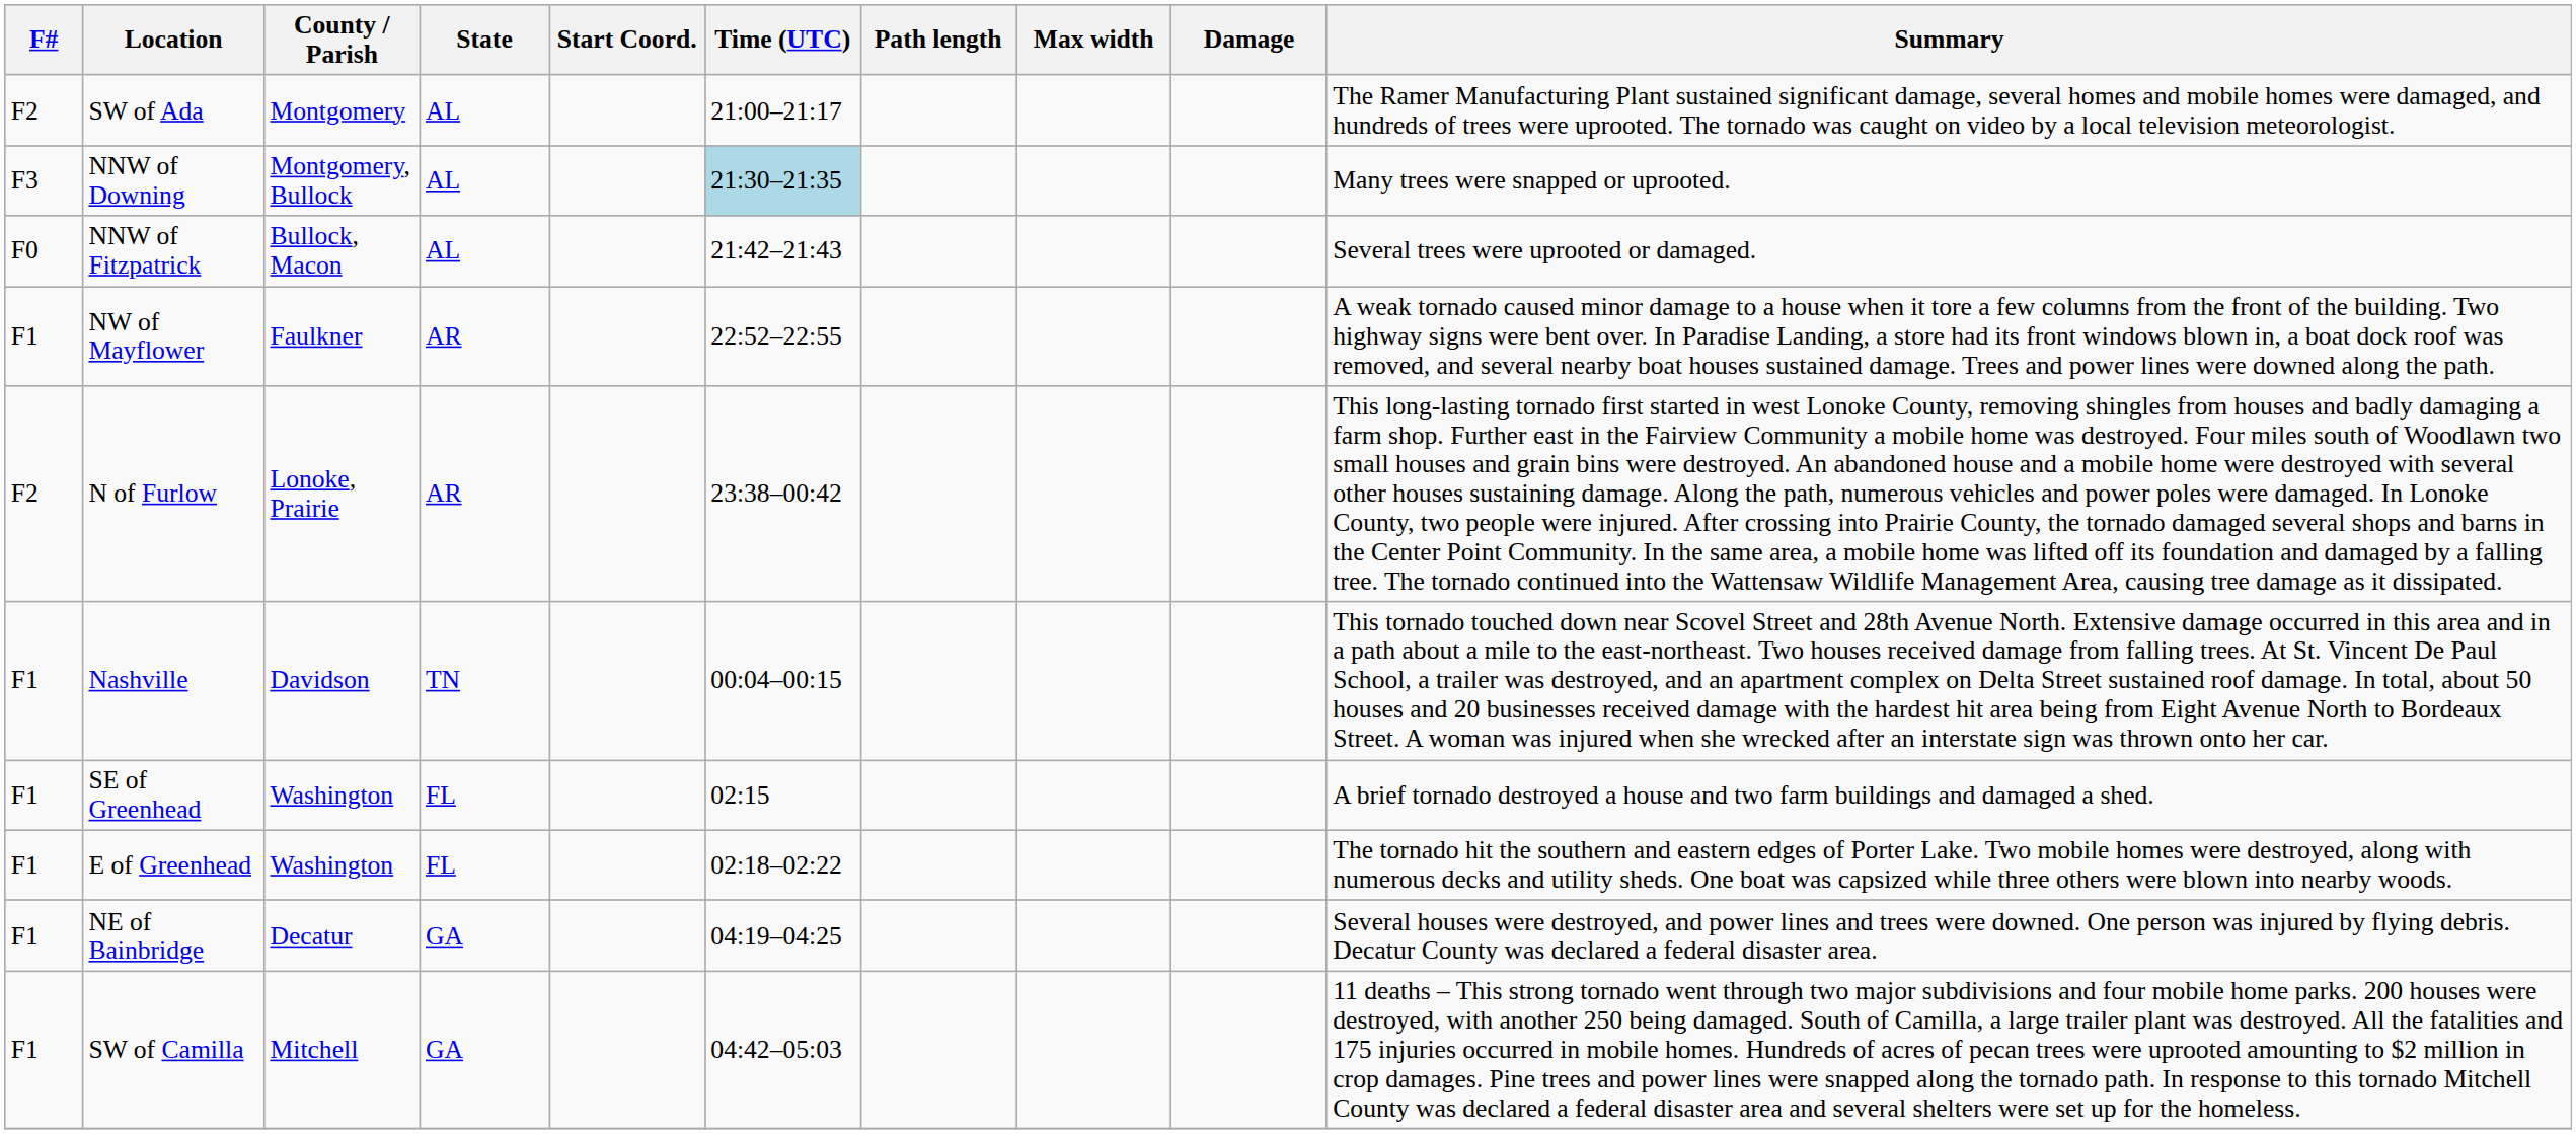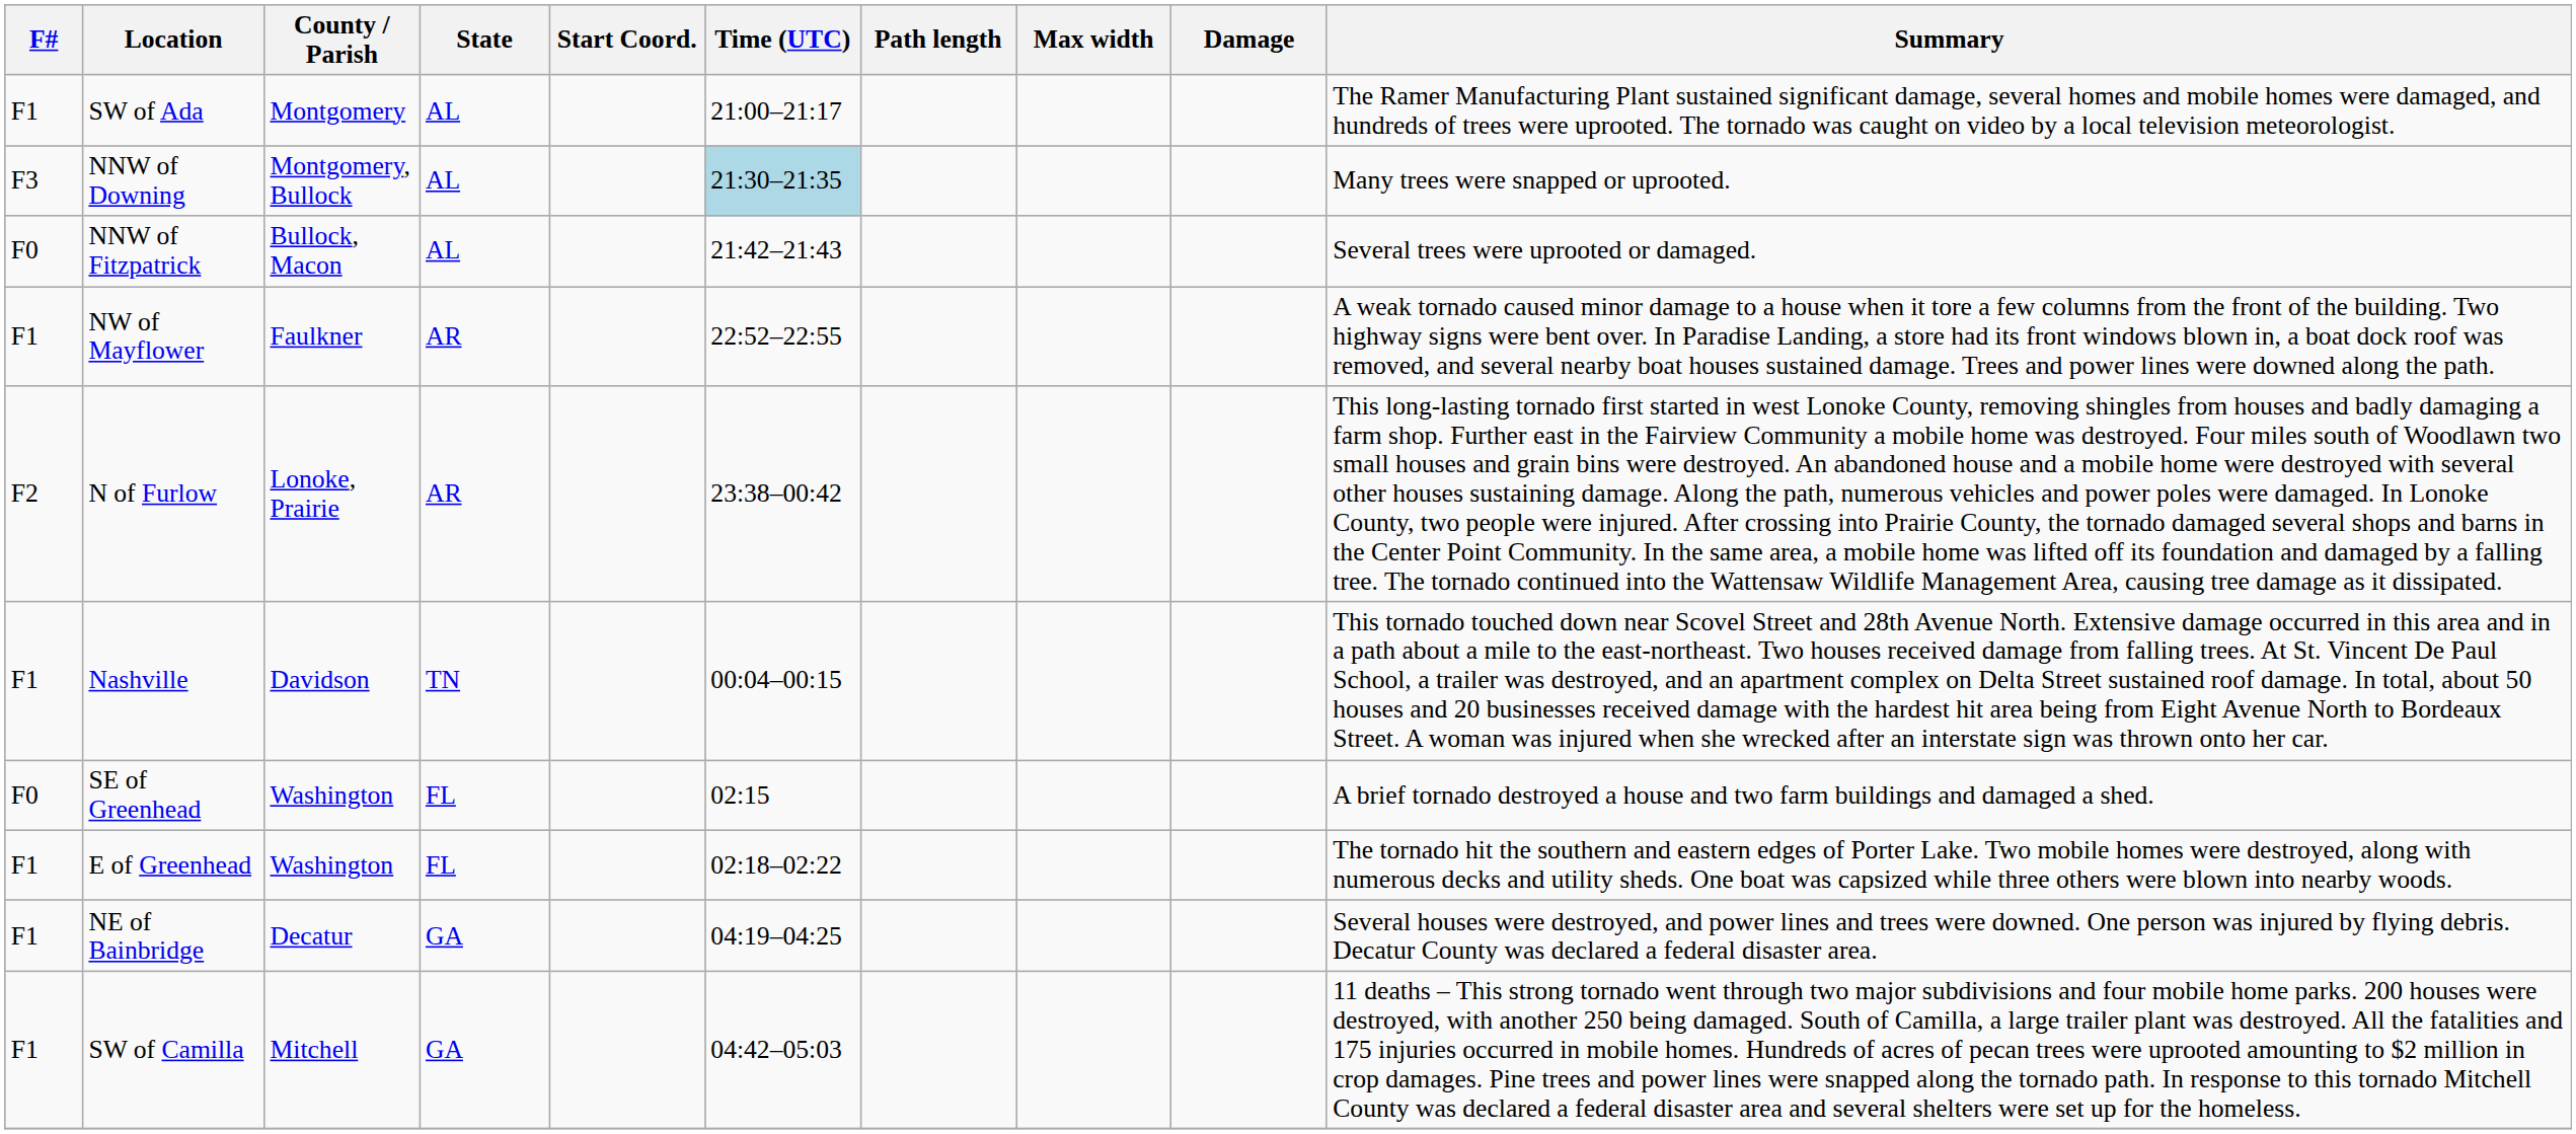 <table class="wikitable sortable" style="width:100%;">
 <tr>
 <th scope="col"  style="width:3%; text-align:center;"><a href='#'>F#</a></th>
 <th scope="col"  style="width:7%; text-align:center;" class="unsortable">Location</th>
 <th scope="col"  style="width:6%; text-align:center;" class="unsortable">County / Parish</th>
 <th scope="col"  style="width:5%; text-align:center;">State</th>
 <th scope="col"  style="width:6%; text-align:center;">Start Coord.</th>
 <th scope="col"  style="width:6%; text-align:center;">Time (<a href='#'>UTC</a>)</th>
 <th scope="col"  style="width:6%; text-align:center;">Path length</th>
 <th scope="col"  style="width:6%; text-align:center;">Max width</th>
 <th scope="col"  style="width:6%; text-align:center;">Damage</th>
 <th scope="col" class="unsortable" style="width:48%; text-align:center;">Summary</th>
 </tr>
 <tr>
-<td>F2</td>
+<td>F1</td>
 <td>SW of <a href='#'>Ada</a></td>
 <td><a href='#'>Montgomery</a></td>
 <td><a href='#'>AL</a></td>
 <td></td>
 <td>21:00–21:17</td>
 <td></td>
 <td></td>
 <td></td>
 <td>The Ramer Manufacturing Plant sustained significant damage, several homes and mobile homes were damaged, and hundreds of trees were uprooted. The tornado was caught on video by a local television meteorologist.</td>
 </tr>
 <tr>
 <td>F3</td>
 <td>NNW of <a href='#'>Downing</a></td>
 <td><a href='#'>Montgomery</a>, <a href='#'>Bullock</a></td>
 <td><a href='#'>AL</a></td>
 <td></td>
 <td style="background: lightblue;">21:30–21:35</td>
 <td></td>
 <td></td>
 <td></td>
 <td>Many trees were snapped or uprooted.</td>
 </tr>
 <tr>
 <td>F0</td>
 <td>NNW of <a href='#'>Fitzpatrick</a></td>
 <td><a href='#'>Bullock</a>, <a href='#'>Macon</a></td>
 <td><a href='#'>AL</a></td>
 <td></td>
 <td>21:42–21:43</td>
 <td></td>
 <td></td>
 <td></td>
 <td>Several trees were uprooted or damaged.</td>
 </tr>
 <tr>
 <td>F1</td>
 <td>NW of <a href='#'>Mayflower</a></td>
 <td><a href='#'>Faulkner</a></td>
 <td><a href='#'>AR</a></td>
 <td></td>
 <td>22:52–22:55</td>
 <td></td>
 <td></td>
 <td></td>
 <td>A weak tornado caused minor damage to a house when it tore a few columns from the front of the building. Two highway signs were bent over. In Paradise Landing, a store had its front windows blown in, a boat dock roof was removed, and several nearby boat houses sustained damage. Trees and power lines were downed along the path.</td>
 </tr>
 <tr>
 <td>F2</td>
 <td>N of <a href='#'>Furlow</a></td>
 <td><a href='#'>Lonoke</a>, <a href='#'>Prairie</a></td>
 <td><a href='#'>AR</a></td>
 <td></td>
 <td>23:38–00:42</td>
 <td></td>
 <td></td>
 <td></td>
 <td>This long-lasting tornado first started in west Lonoke County, removing shingles from houses and badly damaging a farm shop. Further east in the Fairview Community a mobile home was destroyed. Four miles south of Woodlawn two small houses and grain bins were destroyed. An abandoned house and a mobile home were destroyed with several other houses sustaining damage. Along the path, numerous vehicles and power poles were damaged. In Lonoke County, two people were injured. After crossing into Prairie County, the tornado damaged several shops and barns in the Center Point Community. In the same area, a mobile home was lifted off its foundation and damaged by a falling tree. The tornado continued into the Wattensaw Wildlife Management Area, causing tree damage as it dissipated.</td>
 </tr>
 <tr>
 <td>F1</td>
 <td><a href='#'>Nashville</a></td>
 <td><a href='#'>Davidson</a></td>
 <td><a href='#'>TN</a></td>
 <td></td>
 <td>00:04–00:15</td>
 <td></td>
 <td></td>
 <td></td>
 <td>This tornado touched down near Scovel Street and 28th Avenue North. Extensive damage occurred in this area and in a path about a mile to the east-northeast. Two houses received damage from falling trees. At St. Vincent De Paul School, a trailer was destroyed, and an apartment complex on Delta Street sustained roof damage. In total, about 50 houses and 20 businesses received damage with the hardest hit area being from Eight Avenue North to Bordeaux Street. A woman was injured when she wrecked after an interstate sign was thrown onto her car.</td>
 </tr>
 <tr>
-<td>F1</td>
+<td>F0</td>
 <td>SE of <a href='#'>Greenhead</a></td>
 <td><a href='#'>Washington</a></td>
 <td><a href='#'>FL</a></td>
 <td></td>
 <td>02:15</td>
 <td></td>
 <td></td>
 <td></td>
 <td>A brief tornado destroyed a house and two farm buildings and damaged a shed.</td>
 </tr>
 <tr>
 <td>F1</td>
 <td>E of <a href='#'>Greenhead</a></td>
 <td><a href='#'>Washington</a></td>
 <td><a href='#'>FL</a></td>
 <td></td>
 <td>02:18–02:22</td>
 <td></td>
 <td></td>
 <td></td>
 <td>The tornado hit the southern and eastern edges of Porter Lake. Two mobile homes were destroyed, along with numerous decks and utility sheds. One boat was capsized while three others were blown into nearby woods.</td>
 </tr>
 <tr>
 <td>F1</td>
 <td>NE of <a href='#'>Bainbridge</a></td>
 <td><a href='#'>Decatur</a></td>
 <td><a href='#'>GA</a></td>
 <td></td>
 <td>04:19–04:25</td>
 <td></td>
 <td></td>
 <td></td>
 <td>Several houses were destroyed, and power lines and trees were downed. One person was injured by flying debris. Decatur County was declared a federal disaster area.</td>
 </tr>
 <tr>
 <td>F1</td>
 <td>SW of <a href='#'>Camilla</a></td>
 <td><a href='#'>Mitchell</a></td>
 <td><a href='#'>GA</a></td>
 <td></td>
 <td>04:42–05:03</td>
 <td></td>
 <td></td>
 <td></td>
 <td>11 deaths – This strong tornado went through two major subdivisions and four mobile home parks. 200 houses were destroyed, with another 250 being damaged. South of Camilla, a large trailer plant was destroyed. All the fatalities and 175 injuries occurred in mobile homes. Hundreds of acres of pecan trees were uprooted amounting to $2 million in crop damages. Pine trees and power lines were snapped along the tornado path. In response to this tornado Mitchell County was declared a federal disaster area and several shelters were set up for the homeless.</td>
 </tr>
 <tr>
 </tr>
 </table>
